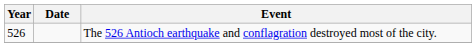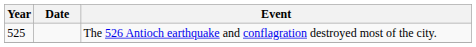 <table class="wikitable" width="100%">
 <tr>
 <th style="width:6%">Year</th>
 <th style="width:10%">Date</th>
 <th>Event</th>
 </tr>
 <tr>
-<td>526</td>
+<td>525</td>
 <td></td>
 <td>The <a href='#'>526 Antioch earthquake</a> and <a href='#'>conflagration</a> destroyed most of the city.</td>
 </tr>
 <tr>
 </tr>
 </table>
